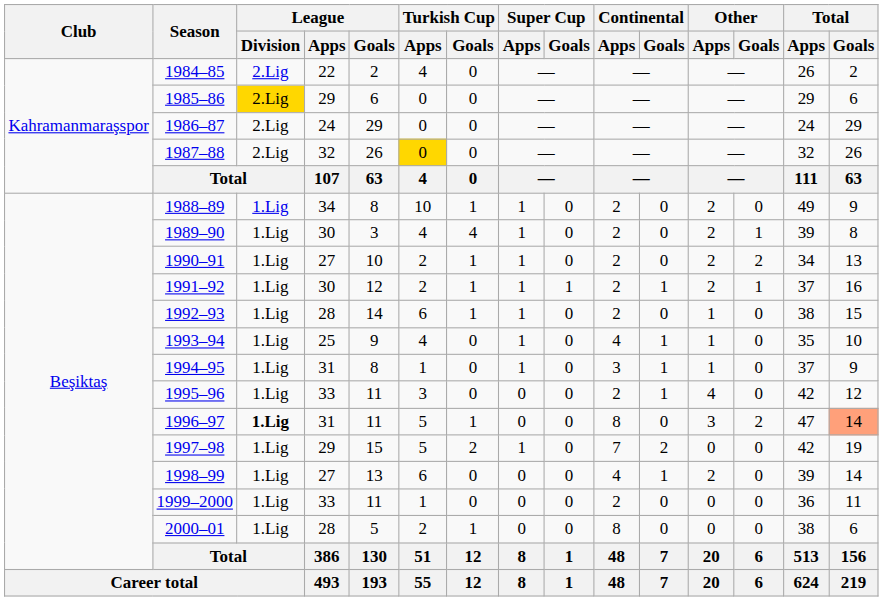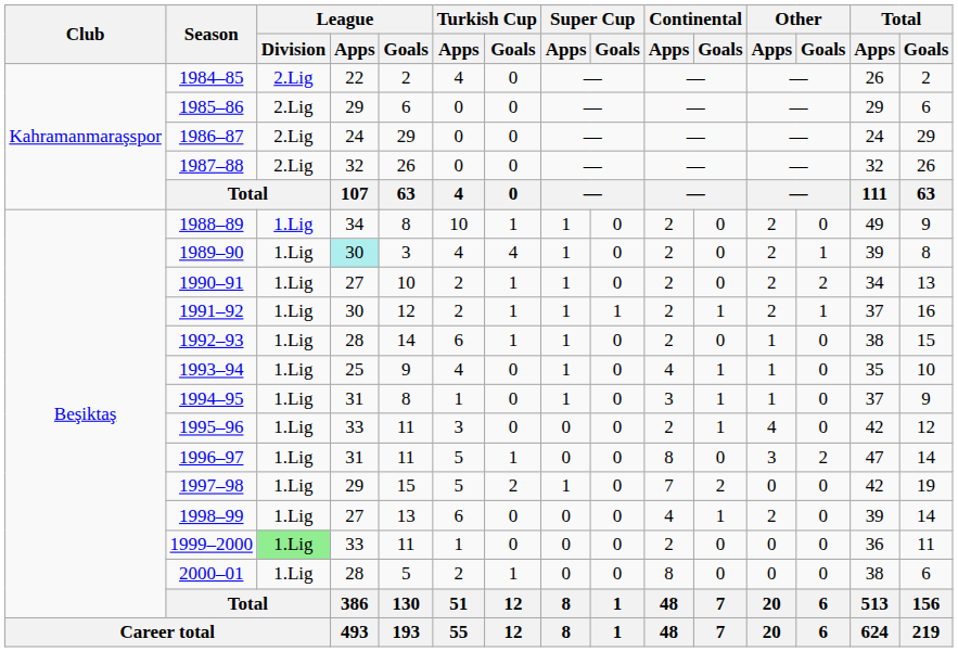 <table class="wikitable" style="text-align:center">
 <tr>
 <th rowspan=2>Club</th>
 <th rowspan=2>Season</th>
 <th colspan=3>League</th>
 <th colspan=2>Turkish Cup</th>
 <th colspan=2>Super Cup</th>
 <th colspan=2>Continental</th>
 <th colspan=2>Other</th>
 <th colspan=2>Total</th>
 </tr>
 <tr>
 <th>Division</th>
 <th>Apps</th>
 <th>Goals</th>
 <th>Apps</th>
 <th>Goals</th>
 <th>Apps</th>
 <th>Goals</th>
 <th>Apps</th>
 <th>Goals</th>
 <th>Apps</th>
 <th>Goals</th>
 <th>Apps</th>
 <th>Goals</th>
 </tr>
 <tr>
 <td rowspan=5><a href='#'>Kahramanmaraşspor</a></td>
 <td><a href='#'>1984–85</a></td>
 <td><a href='#'>2.Lig</a></td>
 <td>22</td>
 <td>2</td>
 <td>4</td>
 <td>0</td>
 <td colspan=2>—</td>
 <td colspan=2>—</td>
 <td colspan=2>—</td>
 <td>26</td>
 <td>2</td>
 </tr>
 <tr>
 <td><a href='#'>1985–86</a></td>
-<td style="background: gold;">2.Lig</td>
+<td>2.Lig</td>
 <td>29</td>
 <td>6</td>
 <td>0</td>
 <td>0</td>
 <td colspan=2>—</td>
 <td colspan=2>—</td>
 <td colspan=2>—</td>
 <td>29</td>
 <td>6</td>
 </tr>
 <tr>
 <td><a href='#'>1986–87</a></td>
 <td>2.Lig</td>
 <td>24</td>
 <td>29</td>
 <td>0</td>
 <td>0</td>
 <td colspan=2>—</td>
 <td colspan=2>—</td>
 <td colspan=2>—</td>
 <td>24</td>
 <td>29</td>
 </tr>
 <tr>
 <td><a href='#'>1987–88</a></td>
 <td>2.Lig</td>
 <td>32</td>
 <td>26</td>
-<td style="background: gold;">0</td>
+<td>0</td>
 <td>0</td>
 <td colspan=2>—</td>
 <td colspan=2>—</td>
 <td colspan=2>—</td>
 <td>32</td>
 <td>26</td>
 </tr>
 <tr>
 <th colspan=2>Total</th>
 <th>107</th>
 <th>63</th>
 <th>4</th>
 <th>0</th>
 <th colspan=2>—</th>
 <th colspan=2>—</th>
 <th colspan=2>—</th>
 <th>111</th>
 <th>63</th>
 </tr>
 <tr>
 <td rowspan=14><a href='#'>Beşiktaş</a></td>
 <td><a href='#'>1988–89</a></td>
 <td><a href='#'>1.Lig</a></td>
 <td>34</td>
 <td>8</td>
 <td>10</td>
 <td>1</td>
 <td>1</td>
 <td>0</td>
 <td>2</td>
 <td>0</td>
 <td>2</td>
 <td>0</td>
 <td>49</td>
 <td>9</td>
 </tr>
 <tr>
 <td><a href='#'>1989–90</a></td>
 <td>1.Lig</td>
-<td>30</td>
+<td style="background: paleturquoise;">30</td>
 <td>3</td>
 <td>4</td>
 <td>4</td>
 <td>1</td>
 <td>0</td>
 <td>2</td>
 <td>0</td>
 <td>2</td>
 <td>1</td>
 <td>39</td>
 <td>8</td>
 </tr>
 <tr>
 <td><a href='#'>1990–91</a></td>
 <td>1.Lig</td>
 <td>27</td>
 <td>10</td>
 <td>2</td>
 <td>1</td>
 <td>1</td>
 <td>0</td>
 <td>2</td>
 <td>0</td>
 <td>2</td>
 <td>2</td>
 <td>34</td>
 <td>13</td>
 </tr>
 <tr>
 <td><a href='#'>1991–92</a></td>
 <td>1.Lig</td>
 <td>30</td>
 <td>12</td>
 <td>2</td>
 <td>1</td>
 <td>1</td>
 <td>1</td>
 <td>2</td>
 <td>1</td>
 <td>2</td>
 <td>1</td>
 <td>37</td>
 <td>16</td>
 </tr>
 <tr>
 <td><a href='#'>1992–93</a></td>
 <td>1.Lig</td>
 <td>28</td>
 <td>14</td>
 <td>6</td>
 <td>1</td>
 <td>1</td>
 <td>0</td>
 <td>2</td>
 <td>0</td>
 <td>1</td>
 <td>0</td>
 <td>38</td>
 <td>15</td>
 </tr>
 <tr>
 <td><a href='#'>1993–94</a></td>
 <td>1.Lig</td>
 <td>25</td>
 <td>9</td>
 <td>4</td>
 <td>0</td>
 <td>1</td>
 <td>0</td>
 <td>4</td>
 <td>1</td>
 <td>1</td>
 <td>0</td>
 <td>35</td>
 <td>10</td>
 </tr>
 <tr>
 <td><a href='#'>1994–95</a></td>
 <td>1.Lig</td>
 <td>31</td>
 <td>8</td>
 <td>1</td>
 <td>0</td>
 <td>1</td>
 <td>0</td>
 <td>3</td>
 <td>1</td>
 <td>1</td>
 <td>0</td>
 <td>37</td>
 <td>9</td>
 </tr>
 <tr>
 <td><a href='#'>1995–96</a></td>
 <td>1.Lig</td>
 <td>33</td>
 <td>11</td>
 <td>3</td>
 <td>0</td>
 <td>0</td>
 <td>0</td>
 <td>2</td>
 <td>1</td>
 <td>4</td>
 <td>0</td>
 <td>42</td>
 <td>12</td>
 </tr>
 <tr>
 <td><a href='#'>1996–97</a></td>
-<td><strong>1.Lig</strong></td>
+<td>1.Lig</td>
 <td>31</td>
 <td>11</td>
 <td>5</td>
 <td>1</td>
 <td>0</td>
 <td>0</td>
 <td>8</td>
 <td>0</td>
 <td>3</td>
 <td>2</td>
 <td>47</td>
-<td style="background: lightsalmon;">14</td>
+<td>14</td>
 </tr>
 <tr>
 <td><a href='#'>1997–98</a></td>
 <td>1.Lig</td>
 <td>29</td>
 <td>15</td>
 <td>5</td>
 <td>2</td>
 <td>1</td>
 <td>0</td>
 <td>7</td>
 <td>2</td>
 <td>0</td>
 <td>0</td>
 <td>42</td>
 <td>19</td>
 </tr>
 <tr>
 <td><a href='#'>1998–99</a></td>
 <td>1.Lig</td>
 <td>27</td>
 <td>13</td>
 <td>6</td>
 <td>0</td>
 <td>0</td>
 <td>0</td>
 <td>4</td>
 <td>1</td>
 <td>2</td>
 <td>0</td>
 <td>39</td>
 <td>14</td>
 </tr>
 <tr>
 <td><a href='#'>1999–2000</a></td>
-<td>1.Lig</td>
+<td style="background: lightgreen;">1.Lig</td>
 <td>33</td>
 <td>11</td>
 <td>1</td>
 <td>0</td>
 <td>0</td>
 <td>0</td>
 <td>2</td>
 <td>0</td>
 <td>0</td>
 <td>0</td>
 <td>36</td>
 <td>11</td>
 </tr>
 <tr>
 <td><a href='#'>2000–01</a></td>
 <td>1.Lig</td>
 <td>28</td>
 <td>5</td>
 <td>2</td>
 <td>1</td>
 <td>0</td>
 <td>0</td>
 <td>8</td>
 <td>0</td>
 <td>0</td>
 <td>0</td>
 <td>38</td>
 <td>6</td>
 </tr>
 <tr>
 <th colspan="2">Total</th>
 <th>386</th>
 <th>130</th>
 <th>51</th>
 <th>12</th>
 <th>8</th>
 <th>1</th>
 <th>48</th>
 <th>7</th>
 <th>20</th>
 <th>6</th>
 <th>513</th>
 <th>156</th>
 </tr>
 <tr>
 <th colspan="3">Career total</th>
 <th>493</th>
 <th>193</th>
 <th>55</th>
 <th>12</th>
 <th>8</th>
 <th>1</th>
 <th>48</th>
 <th>7</th>
 <th>20</th>
 <th>6</th>
 <th>624</th>
 <th>219</th>
 </tr>
 </table>
